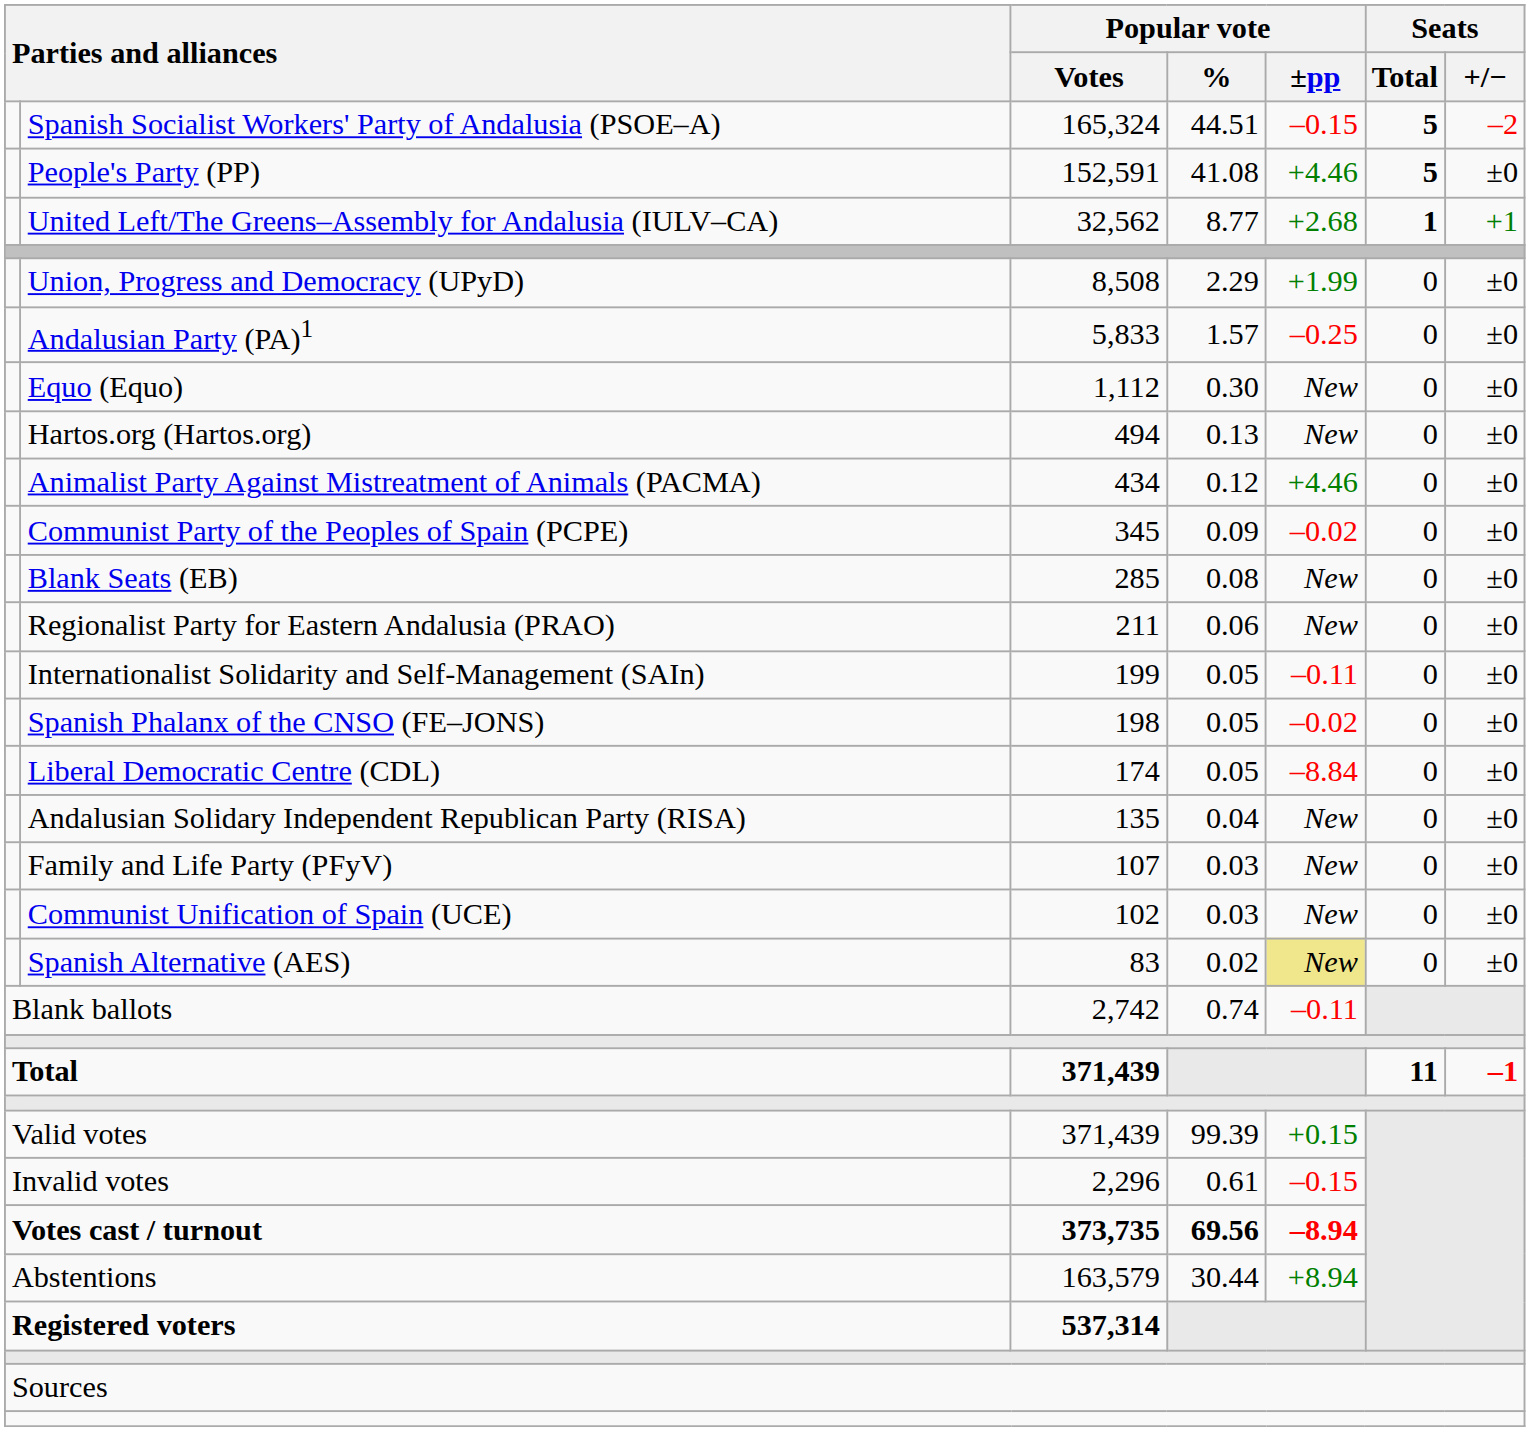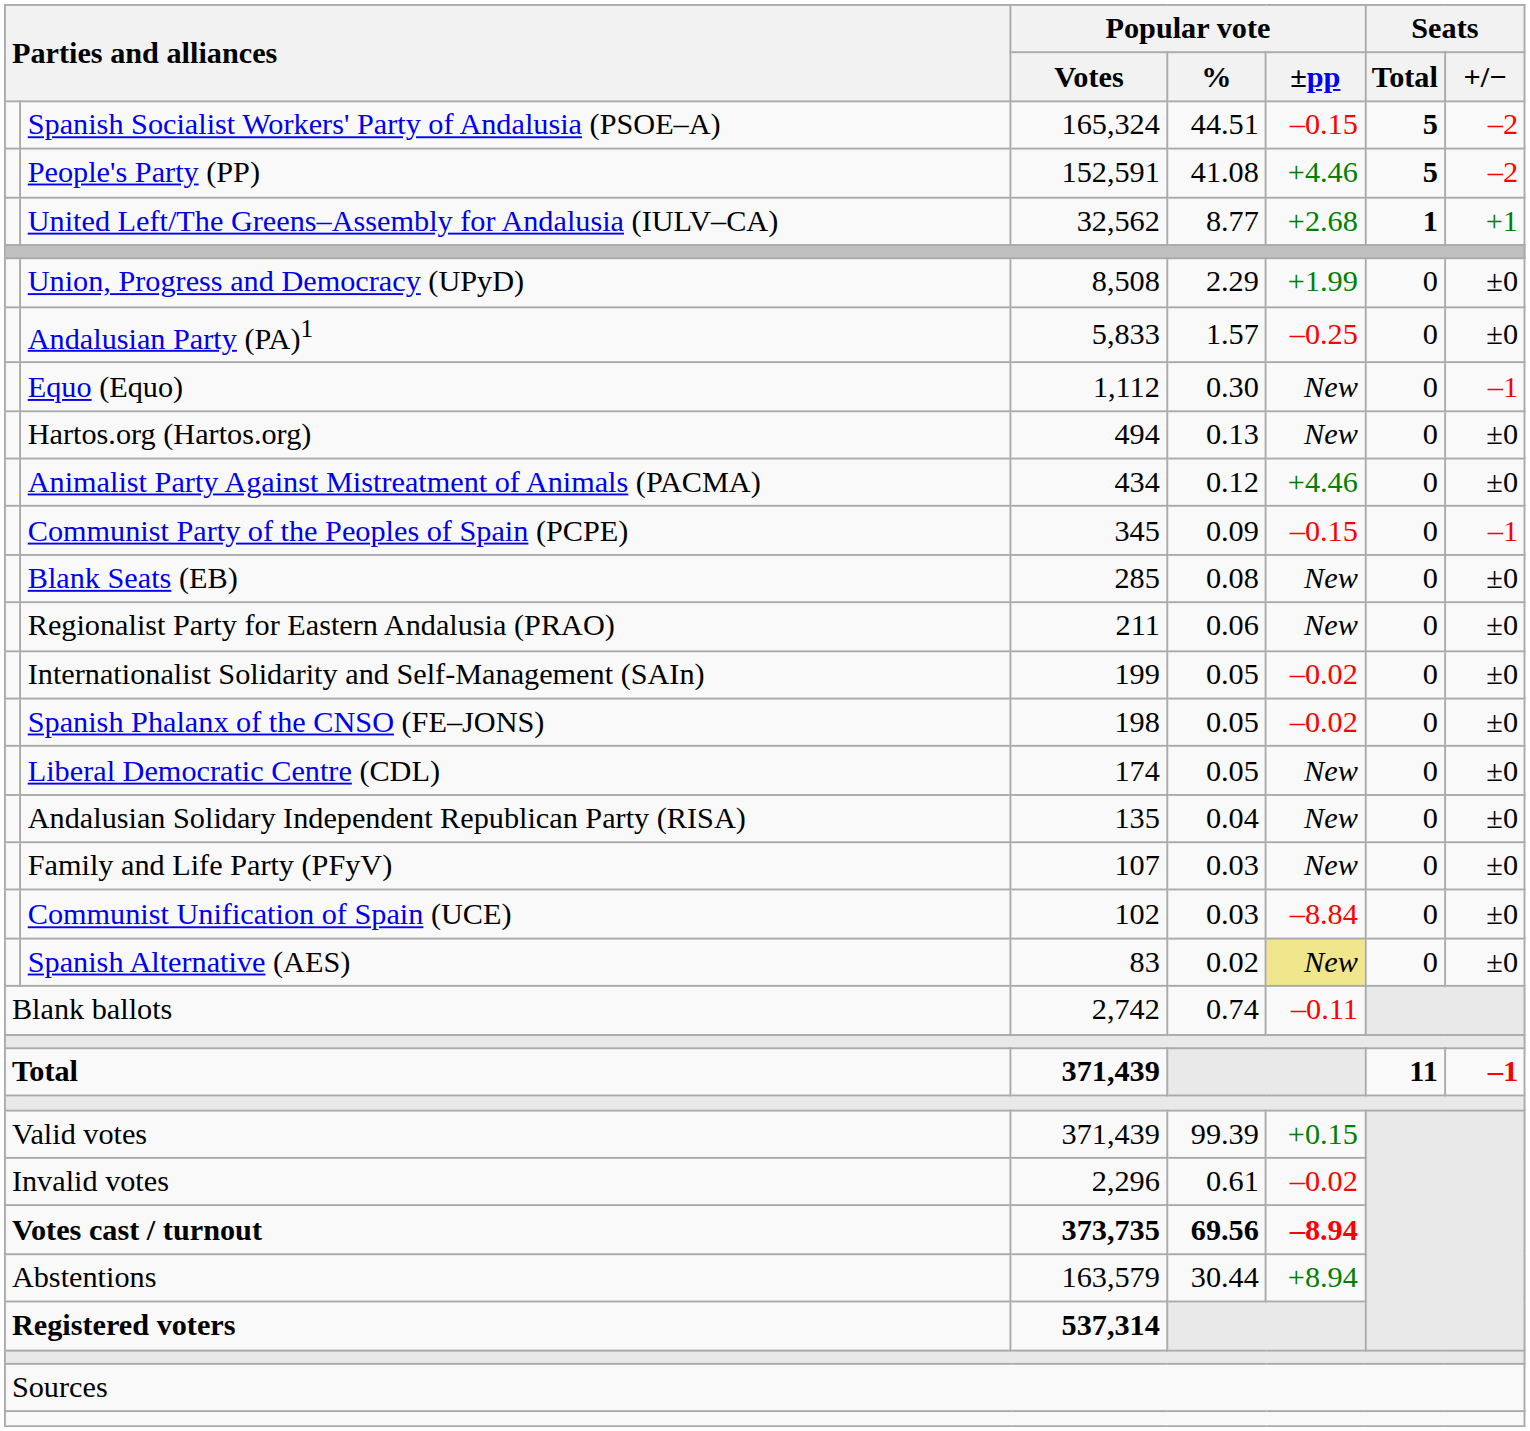 <table class="wikitable" style="text-align:right;">
 <tr>
 <th style="text-align:left;" rowspan="2" colspan="2" width="525">Parties and alliances</th>
 <th colspan="3">Popular vote</th>
 <th colspan="2">Seats</th>
 </tr>
 <tr>
 <th width="75">Votes</th>
 <th width="45">%</th>
 <th width="45">±<a href='#'>pp</a></th>
 <th width="35">Total</th>
 <th width="35">+/−</th>
 </tr>
 <tr>
 <td width="1" style="color:inherit;background:"></td>
 <td align="left"><a href='#'>Spanish Socialist Workers' Party of Andalusia</a> (PSOE–A)</td>
 <td>165,324</td>
 <td>44.51</td>
 <td style="color:red;">–0.15</td>
 <td><strong>5</strong></td>
 <td style="color:red;">–2</td>
 </tr>
 <tr>
 <td style="color:inherit;background:"></td>
 <td align="left"><a href='#'>People's Party</a> (PP)</td>
 <td>152,591</td>
 <td>41.08</td>
 <td style="color:green;">+4.46</td>
 <td><strong>5</strong></td>
-<td>±0</td>
+<td style="color:red;">–2</td>
 </tr>
 <tr>
 <td style="color:inherit;background:"></td>
 <td align="left"><a href='#'>United Left/The Greens–Assembly for Andalusia</a> (IULV–CA)</td>
 <td>32,562</td>
 <td>8.77</td>
 <td style="color:green;">+2.68</td>
 <td><strong>1</strong></td>
 <td style="color:green;">+1</td>
 </tr>
 <tr>
 <td colspan="7" bgcolor="#C0C0C0"></td>
 </tr>
 <tr>
 <td style="color:inherit;background:"></td>
 <td align="left"><a href='#'>Union, Progress and Democracy</a> (UPyD)</td>
 <td>8,508</td>
 <td>2.29</td>
 <td style="color:green;">+1.99</td>
 <td>0</td>
 <td>±0</td>
 </tr>
 <tr>
 <td style="color:inherit;background:"></td>
 <td align="left"><a href='#'>Andalusian Party</a> (PA)<sup>1</sup></td>
 <td>5,833</td>
 <td>1.57</td>
 <td style="color:red;">–0.25</td>
 <td>0</td>
 <td>±0</td>
 </tr>
 <tr>
 <td style="color:inherit;background:"></td>
 <td align="left"><a href='#'>Equo</a> (Equo)</td>
 <td>1,112</td>
 <td>0.30</td>
 <td><em>New</em></td>
 <td>0</td>
-<td>±0</td>
+<td style="color:red;">–1</td>
 </tr>
 <tr>
 <td style="color:inherit;background:"></td>
 <td align="left">Hartos.org (Hartos.org)</td>
 <td>494</td>
 <td>0.13</td>
 <td><em>New</em></td>
 <td>0</td>
 <td>±0</td>
 </tr>
 <tr>
 <td style="color:inherit;background:"></td>
 <td align="left"><a href='#'>Animalist Party Against Mistreatment of Animals</a> (PACMA)</td>
 <td>434</td>
 <td>0.12</td>
 <td style="color:green;">+4.46</td>
 <td>0</td>
 <td>±0</td>
 </tr>
 <tr>
 <td style="color:inherit;background:"></td>
 <td align="left"><a href='#'>Communist Party of the Peoples of Spain</a> (PCPE)</td>
 <td>345</td>
 <td>0.09</td>
-<td style="color:red;">–0.02</td>
+<td style="color:red;">–0.15</td>
 <td>0</td>
-<td>±0</td>
+<td style="color:red;">–1</td>
 </tr>
 <tr>
 <td style="color:inherit;background:"></td>
 <td align="left"><a href='#'>Blank Seats</a> (EB)</td>
 <td>285</td>
 <td>0.08</td>
 <td><em>New</em></td>
 <td>0</td>
 <td>±0</td>
 </tr>
 <tr>
 <td style="color:inherit;background:"></td>
 <td align="left">Regionalist Party for Eastern Andalusia (PRAO)</td>
 <td>211</td>
 <td>0.06</td>
 <td><em>New</em></td>
 <td>0</td>
 <td>±0</td>
 </tr>
 <tr>
 <td style="color:inherit;background:"></td>
 <td align="left">Internationalist Solidarity and Self-Management (SAIn)</td>
 <td>199</td>
 <td>0.05</td>
-<td style="color:red;">–0.11</td>
+<td style="color:red;">–0.02</td>
 <td>0</td>
 <td>±0</td>
 </tr>
 <tr>
 <td style="color:inherit;background:"></td>
 <td align="left"><a href='#'>Spanish Phalanx of the CNSO</a> (FE–JONS)</td>
 <td>198</td>
 <td>0.05</td>
 <td style="color:red;">–0.02</td>
 <td>0</td>
 <td>±0</td>
 </tr>
 <tr>
 <td style="color:inherit;background:"></td>
 <td align="left"><a href='#'>Liberal Democratic Centre</a> (CDL)</td>
 <td>174</td>
 <td>0.05</td>
-<td style="color:red;">–8.84</td>
+<td><em>New</em></td>
 <td>0</td>
 <td>±0</td>
 </tr>
 <tr>
 <td style="color:inherit;background:"></td>
 <td align="left">Andalusian Solidary Independent Republican Party (RISA)</td>
 <td>135</td>
 <td>0.04</td>
 <td><em>New</em></td>
 <td>0</td>
 <td>±0</td>
 </tr>
 <tr>
 <td style="color:inherit;background:"></td>
 <td align="left">Family and Life Party (PFyV)</td>
 <td>107</td>
 <td>0.03</td>
 <td><em>New</em></td>
 <td>0</td>
 <td>±0</td>
 </tr>
 <tr>
 <td style="color:inherit;background:"></td>
 <td align="left"><a href='#'>Communist Unification of Spain</a> (UCE)</td>
 <td>102</td>
 <td>0.03</td>
-<td><em>New</em></td>
+<td style="color:red;">–8.84</td>
 <td>0</td>
 <td>±0</td>
 </tr>
 <tr>
 <td style="color:inherit;background:"></td>
 <td align="left"><a href='#'>Spanish Alternative</a> (AES)</td>
 <td>83</td>
 <td>0.02</td>
 <td style="background: khaki;"><em>New</em></td>
 <td>0</td>
 <td>±0</td>
 </tr>
 <tr>
 <td align="left" colspan="2">Blank ballots</td>
 <td>2,742</td>
 <td>0.74</td>
 <td style="color:red;">–0.11</td>
 <td bgcolor="#E9E9E9" colspan="2"></td>
 </tr>
 <tr>
 <td colspan="7" bgcolor="#E9E9E9"></td>
 </tr>
 <tr style="font-weight:bold;">
 <td align="left" colspan="2">Total</td>
 <td>371,439</td>
 <td bgcolor="#E9E9E9" colspan="2"></td>
 <td>11</td>
 <td style="color:red;">–1</td>
 </tr>
 <tr>
 <td colspan="7" bgcolor="#E9E9E9"></td>
 </tr>
 <tr>
 <td align="left" colspan="2">Valid votes</td>
 <td>371,439</td>
 <td>99.39</td>
 <td style="color:green;">+0.15</td>
 <td bgcolor="#E9E9E9" colspan="2" rowspan="5"></td>
 </tr>
 <tr>
 <td align="left" colspan="2">Invalid votes</td>
 <td>2,296</td>
 <td>0.61</td>
-<td style="color:red;">–0.15</td>
+<td style="color:red;">–0.02</td>
 </tr>
 <tr style="font-weight:bold;">
 <td align="left" colspan="2">Votes cast / turnout</td>
 <td>373,735</td>
 <td>69.56</td>
 <td style="color:red;">–8.94</td>
 </tr>
 <tr>
 <td align="left" colspan="2">Abstentions</td>
 <td>163,579</td>
 <td>30.44</td>
 <td style="color:green;">+8.94</td>
 </tr>
 <tr style="font-weight:bold;">
 <td align="left" colspan="2">Registered voters</td>
 <td>537,314</td>
 <td bgcolor="#E9E9E9" colspan="2"></td>
 </tr>
 <tr>
 <td colspan="7" bgcolor="#E9E9E9"></td>
 </tr>
 <tr>
 <td align="left" colspan="7">Sources</td>
 </tr>
 <tr>
 <td colspan="7" style="text-align:left; max-width:790px;"></td>
 </tr>
 </table>
